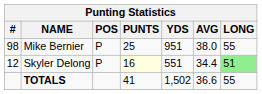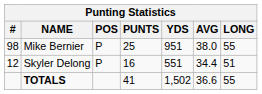 <table class="wikitable sortable collapsible collapsed">
 <tr>
 <th colspan="12">Punting Statistics</th>
 </tr>
 <tr>
 <th>#</th>
 <th>NAME</th>
 <th>POS</th>
 <th>PUNTS</th>
 <th>YDS</th>
 <th>AVG</th>
 <th>LONG</th>
 </tr>
 <tr>
 <td>98</td>
 <td>Mike Bernier</td>
 <td>P</td>
 <td>25</td>
 <td>951</td>
 <td>38.0</td>
 <td>55</td>
 </tr>
 <tr>
 <td>12</td>
 <td>Skyler Delong</td>
 <td>P</td>
-<td style="background: lightyellow;">16</td>
+<td>16</td>
 <td>551</td>
 <td>34.4</td>
-<td style="background: lightgreen;">51</td>
+<td>51</td>
 </tr>
 <tr>
 <td></td>
 <td><strong>TOTALS</strong></td>
 <td></td>
 <td>41</td>
 <td>1,502</td>
 <td>36.6</td>
 <td>55</td>
 </tr>
 </table>
